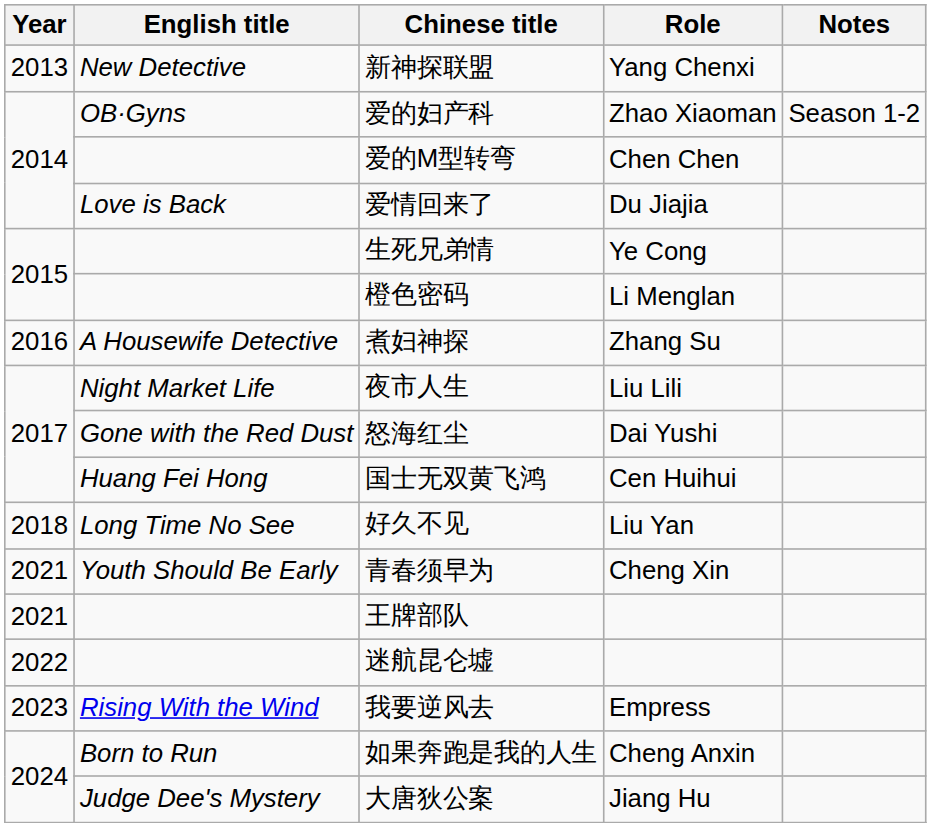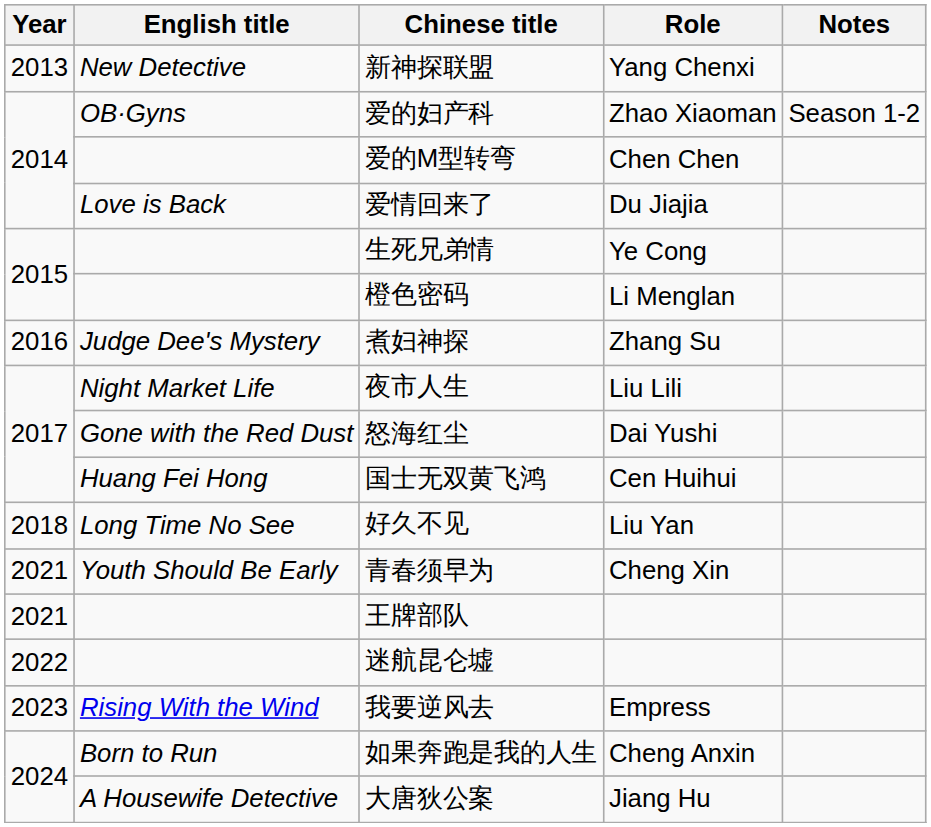 <table class="wikitable">
 <tr>
 <th width=10>Year</th>
 <th>English title</th>
 <th>Chinese title</th>
 <th>Role</th>
 <th>Notes</th>
 </tr>
 <tr>
 <td>2013</td>
 <td><em>New Detective</em></td>
 <td>新神探联盟</td>
 <td>Yang Chenxi</td>
 <td></td>
 </tr>
 <tr>
 <td rowspan=3>2014</td>
 <td><em>OB·Gyns</em></td>
 <td>爱的妇产科</td>
 <td>Zhao Xiaoman</td>
 <td>Season 1-2</td>
 </tr>
 <tr>
 <td></td>
 <td>爱的M型转弯</td>
 <td>Chen Chen</td>
 <td></td>
 </tr>
 <tr>
 <td><em>Love is Back</em></td>
 <td>爱情回来了</td>
 <td>Du Jiajia</td>
 <td></td>
 </tr>
 <tr>
 <td rowspan=2>2015</td>
 <td></td>
 <td>生死兄弟情</td>
 <td>Ye Cong</td>
 <td></td>
 </tr>
 <tr>
 <td></td>
 <td>橙色密码</td>
 <td>Li Menglan</td>
 <td></td>
 </tr>
 <tr>
 <td>2016</td>
-<td><em>A Housewife Detective</em></td>
+<td><em>Judge Dee's Mystery</em></td>
 <td>煮妇神探</td>
 <td>Zhang Su</td>
 <td></td>
 </tr>
 <tr>
 <td rowspan=3>2017</td>
 <td><em>Night Market Life</em></td>
 <td>夜市人生</td>
 <td>Liu Lili</td>
 <td></td>
 </tr>
 <tr>
 <td><em>Gone with the Red Dust</em></td>
 <td>怒海红尘</td>
 <td>Dai Yushi</td>
 <td></td>
 </tr>
 <tr>
 <td><em>Huang Fei Hong</em></td>
 <td>国士无双黄飞鸿</td>
 <td>Cen Huihui</td>
 <td></td>
 </tr>
 <tr>
 <td>2018</td>
 <td><em>Long Time No See</em></td>
 <td>好久不见</td>
 <td>Liu Yan</td>
 <td></td>
 </tr>
 <tr>
 <td rowspan=1>2021</td>
 <td><em>Youth Should Be Early</em></td>
 <td>青春须早为</td>
 <td>Cheng Xin</td>
 <td></td>
 </tr>
 <tr>
 <td>2021</td>
 <td></td>
 <td>王牌部队</td>
 <td></td>
 <td></td>
 </tr>
 <tr>
 <td>2022</td>
 <td></td>
 <td>迷航昆仑墟</td>
 <td></td>
 <td></td>
 </tr>
 <tr>
 <td>2023</td>
 <td><em><a href='#'>Rising With the Wind</a></em></td>
 <td>我要逆风去</td>
 <td>Empress</td>
 <td></td>
 </tr>
 <tr>
 <td rowspan="2">2024</td>
 <td><em>Born to Run</em></td>
 <td>如果奔跑是我的人生</td>
 <td>Cheng Anxin</td>
 <td></td>
 </tr>
 <tr>
-<td><em>Judge Dee's Mystery</em></td>
+<td><em>A Housewife Detective</em></td>
 <td>大唐狄公案</td>
 <td>Jiang Hu</td>
 <td></td>
 </tr>
 <tr>
 </tr>
 </table>
